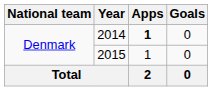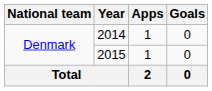 <table class=wikitable style=text-align:center>
 <tr>
 <th>National team</th>
 <th>Year</th>
 <th>Apps</th>
 <th>Goals</th>
 </tr>
 <tr>
 <td rowspan=2><a href='#'>Denmark</a></td>
 <td>2014</td>
-<td><strong>1</strong></td>
+<td>1</td>
 <td>0</td>
 </tr>
 <tr>
 <td>2015</td>
 <td>1</td>
 <td>0</td>
 </tr>
 <tr>
 <th colspan=2>Total</th>
 <th>2</th>
 <th>0</th>
 </tr>
 </table>
